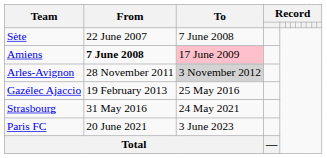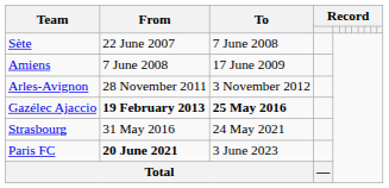 <table class=wikitable style="text-align: center">
 <tr>
 <th rowspan=2>Team</th>
 <th rowspan=2>From</th>
 <th rowspan=2>To</th>
 <th colspan=9>Record</th>
 </tr>
 <tr>
 <th></th>
 <th></th>
 <th></th>
 <th></th>
 <th></th>
 <th></th>
 <th></th>
 <th></th>
 <th></th>
 </tr>
 <tr>
 <td align=left><a href='#'>Sète</a></td>
 <td align=left>22 June 2007</td>
 <td align=left>7 June 2008<br></td>
 <td></td>
 </tr>
 <tr>
 <td align=left><a href='#'>Amiens</a></td>
-<td align=left><strong>7 June 2008</strong></td>
-<td align=left style="background: pink;">17 June 2009<br></td>
+<td align=left>7 June 2008</td>
+<td align=left>17 June 2009<br></td>
 <td></td>
 </tr>
 <tr>
 <td align=left><a href='#'>Arles-Avignon</a></td>
 <td align=left>28 November 2011</td>
-<td align=left style="background: lightgrey;">3 November 2012<br></td>
+<td align=left>3 November 2012<br></td>
 <td></td>
 </tr>
 <tr>
 <td align=left><a href='#'>Gazélec Ajaccio</a></td>
-<td align=left>19 February 2013</td>
-<td align=left>25 May 2016<br></td>
+<td align=left><strong>19 February 2013</strong></td>
+<td align=left><strong>25 May 2016<br></strong></td>
 <td></td>
 </tr>
 <tr>
 <td align=left><a href='#'>Strasbourg</a></td>
 <td align=left>31 May 2016</td>
 <td align=left>24 May 2021<br></td>
 <td></td>
 </tr>
 <tr>
 <td align=left><a href='#'>Paris FC</a></td>
-<td align=left>20 June 2021</td>
+<td align=left><strong>20 June 2021</strong></td>
 <td align=left>3 June 2023<br></td>
 <td></td>
 </tr>
 <tr>
 <th colspan=3>Total<br></th>
 <th>—</th>
 </tr>
 </table>
